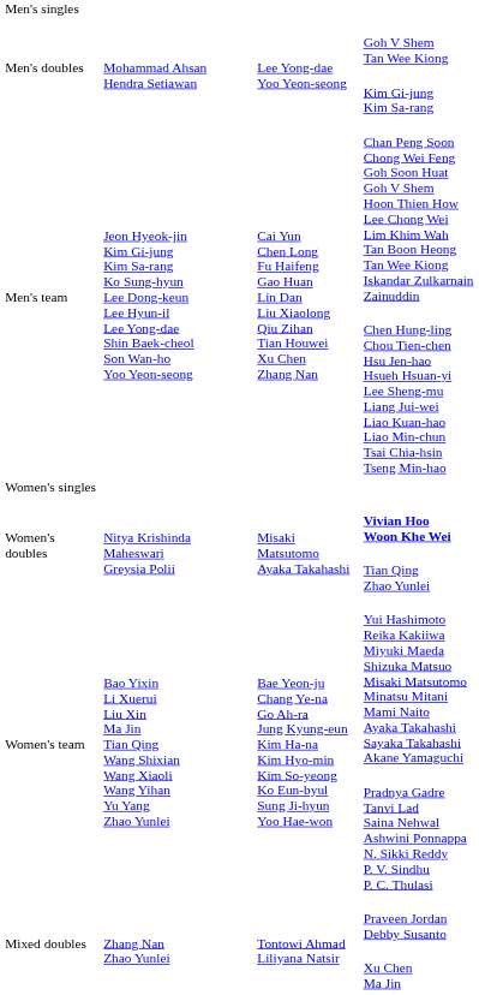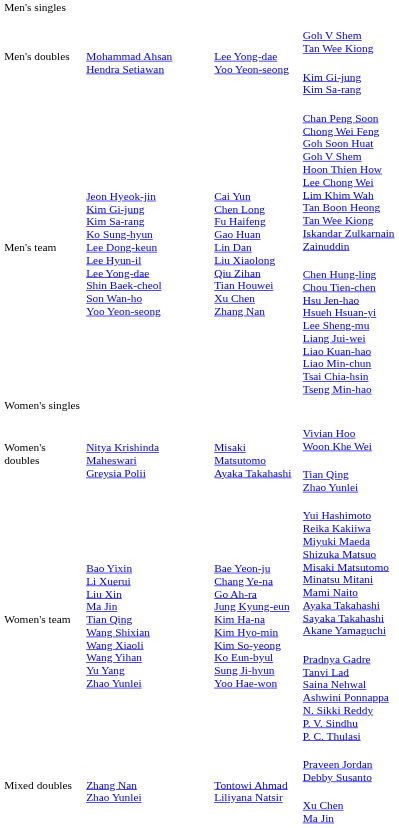 <table>
 <tr>
 <td rowspan=2>Men's singles<br></td>
 <td rowspan=2></td>
 <td rowspan=2></td>
 <td></td>
 </tr>
 <tr>
 <td></td>
 </tr>
 <tr>
 <td rowspan=2>Men's doubles<br></td>
 <td rowspan=2><br><a href='#'>Mohammad Ahsan</a><br><a href='#'>Hendra Setiawan</a></td>
 <td rowspan=2><br><a href='#'>Lee Yong-dae</a><br><a href='#'>Yoo Yeon-seong</a></td>
 <td><br><a href='#'>Goh V Shem</a><br><a href='#'>Tan Wee Kiong</a></td>
 </tr>
 <tr>
 <td><br><a href='#'>Kim Gi-jung</a><br><a href='#'>Kim Sa-rang</a></td>
 </tr>
 <tr>
 <td rowspan=2>Men's team<br></td>
 <td rowspan=2><br><a href='#'>Jeon Hyeok-jin</a><br><a href='#'>Kim Gi-jung</a><br><a href='#'>Kim Sa-rang</a><br><a href='#'>Ko Sung-hyun</a><br><a href='#'>Lee Dong-keun</a><br><a href='#'>Lee Hyun-il</a><br><a href='#'>Lee Yong-dae</a><br><a href='#'>Shin Baek-cheol</a><br><a href='#'>Son Wan-ho</a><br><a href='#'>Yoo Yeon-seong</a></td>
 <td rowspan=2><br><a href='#'>Cai Yun</a><br><a href='#'>Chen Long</a><br><a href='#'>Fu Haifeng</a><br><a href='#'>Gao Huan</a><br><a href='#'>Lin Dan</a><br><a href='#'>Liu Xiaolong</a><br><a href='#'>Qiu Zihan</a><br><a href='#'>Tian Houwei</a><br><a href='#'>Xu Chen</a><br><a href='#'>Zhang Nan</a></td>
 <td><br><a href='#'>Chan Peng Soon</a><br><a href='#'>Chong Wei Feng</a><br><a href='#'>Goh Soon Huat</a><br><a href='#'>Goh V Shem</a><br><a href='#'>Hoon Thien How</a><br><a href='#'>Lee Chong Wei</a><br><a href='#'>Lim Khim Wah</a><br><a href='#'>Tan Boon Heong</a><br><a href='#'>Tan Wee Kiong</a><br><a href='#'>Iskandar Zulkarnain Zainuddin</a></td>
 </tr>
 <tr>
 <td><br><a href='#'>Chen Hung-ling</a><br><a href='#'>Chou Tien-chen</a><br><a href='#'>Hsu Jen-hao</a><br><a href='#'>Hsueh Hsuan-yi</a><br><a href='#'>Lee Sheng-mu</a><br><a href='#'>Liang Jui-wei</a><br><a href='#'>Liao Kuan-hao</a><br><a href='#'>Liao Min-chun</a><br><a href='#'>Tsai Chia-hsin</a><br><a href='#'>Tseng Min-hao</a></td>
 </tr>
 <tr>
 <td rowspan=2>Women's singles<br></td>
 <td rowspan=2></td>
 <td rowspan=2></td>
 <td></td>
 </tr>
 <tr>
 <td></td>
 </tr>
 <tr>
 <td rowspan=2>Women's doubles<br></td>
 <td rowspan=2><br><a href='#'>Nitya Krishinda Maheswari</a><br><a href='#'>Greysia Polii</a></td>
 <td rowspan=2><br><a href='#'>Misaki Matsutomo</a><br><a href='#'>Ayaka Takahashi</a></td>
-<td><strong><br><a href='#'>Vivian Hoo</a><br><a href='#'>Woon Khe Wei</a></strong></td>
+<td><br><a href='#'>Vivian Hoo</a><br><a href='#'>Woon Khe Wei</a></td>
 </tr>
 <tr>
 <td><br><a href='#'>Tian Qing</a><br><a href='#'>Zhao Yunlei</a></td>
 </tr>
 <tr>
 <td rowspan=2>Women's team<br></td>
 <td rowspan=2><br><a href='#'>Bao Yixin</a><br><a href='#'>Li Xuerui</a><br><a href='#'>Liu Xin</a><br><a href='#'>Ma Jin</a><br><a href='#'>Tian Qing</a><br><a href='#'>Wang Shixian</a><br><a href='#'>Wang Xiaoli</a><br><a href='#'>Wang Yihan</a><br><a href='#'>Yu Yang</a><br><a href='#'>Zhao Yunlei</a></td>
 <td rowspan=2><br><a href='#'>Bae Yeon-ju</a><br><a href='#'>Chang Ye-na</a><br><a href='#'>Go Ah-ra</a><br><a href='#'>Jung Kyung-eun</a><br><a href='#'>Kim Ha-na</a><br><a href='#'>Kim Hyo-min</a><br><a href='#'>Kim So-yeong</a><br><a href='#'>Ko Eun-byul</a><br><a href='#'>Sung Ji-hyun</a><br><a href='#'>Yoo Hae-won</a></td>
 <td><br><a href='#'>Yui Hashimoto</a><br><a href='#'>Reika Kakiiwa</a><br><a href='#'>Miyuki Maeda</a><br><a href='#'>Shizuka Matsuo</a><br><a href='#'>Misaki Matsutomo</a><br><a href='#'>Minatsu Mitani</a><br><a href='#'>Mami Naito</a><br><a href='#'>Ayaka Takahashi</a><br><a href='#'>Sayaka Takahashi</a><br><a href='#'>Akane Yamaguchi</a></td>
 </tr>
 <tr>
 <td><br><a href='#'>Pradnya Gadre</a><br><a href='#'>Tanvi Lad</a><br><a href='#'>Saina Nehwal</a><br><a href='#'>Ashwini Ponnappa</a><br><a href='#'>N. Sikki Reddy</a><br><a href='#'>P. V. Sindhu</a><br><a href='#'>P. C. Thulasi</a></td>
 </tr>
 <tr>
 <td rowspan=2>Mixed doubles<br></td>
 <td rowspan=2><br><a href='#'>Zhang Nan</a><br><a href='#'>Zhao Yunlei</a></td>
 <td rowspan=2><br><a href='#'>Tontowi Ahmad</a><br><a href='#'>Liliyana Natsir</a></td>
 <td><br><a href='#'>Praveen Jordan</a><br><a href='#'>Debby Susanto</a></td>
 </tr>
 <tr>
 <td><br><a href='#'>Xu Chen</a><br><a href='#'>Ma Jin</a></td>
 </tr>
 </table>
